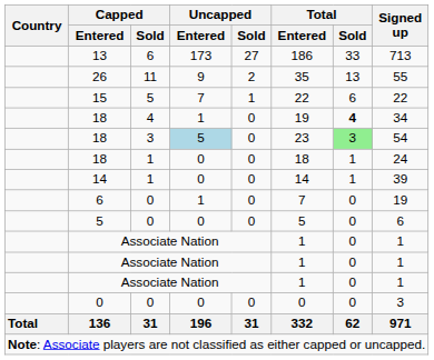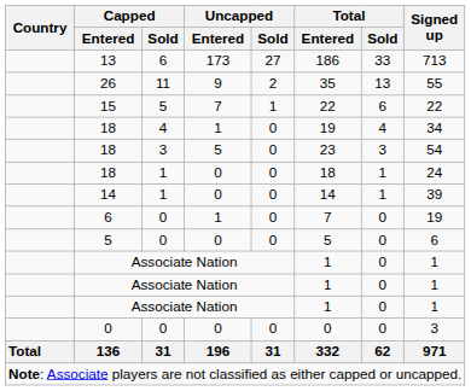 <table class="wikitable" style="text-align:center">
 <tr>
 <th rowspan="2">Country</th>
 <th colspan="2">Capped</th>
 <th colspan="2">Uncapped</th>
 <th colspan="2">Total</th>
 <th rowspan="2">Signed<br>up</th>
 </tr>
 <tr>
 <th>Entered</th>
 <th>Sold</th>
 <th>Entered</th>
 <th>Sold</th>
 <th>Entered</th>
 <th>Sold</th>
 </tr>
 <tr>
 <td style="text-align:left"></td>
 <td>13</td>
 <td>6</td>
 <td>173</td>
 <td>27</td>
 <td>186</td>
 <td>33</td>
 <td>713</td>
 </tr>
 <tr>
 <td style="text-align:left"></td>
 <td>26</td>
 <td>11</td>
 <td>9</td>
 <td>2</td>
 <td>35</td>
 <td>13</td>
 <td>55</td>
 </tr>
 <tr>
 <td style="text-align:left"></td>
 <td>15</td>
 <td>5</td>
 <td>7</td>
 <td>1</td>
 <td>22</td>
 <td>6</td>
 <td>22</td>
 </tr>
 <tr>
 <td style="text-align:left"></td>
 <td>18</td>
 <td>4</td>
 <td>1</td>
 <td>0</td>
 <td>19</td>
-<td><strong>4</strong></td>
+<td>4</td>
 <td>34</td>
 </tr>
 <tr>
 <td style="text-align:left"></td>
 <td>18</td>
 <td>3</td>
-<td style="background: lightblue;">5</td>
+<td>5</td>
 <td>0</td>
 <td>23</td>
-<td style="background: lightgreen;">3</td>
+<td>3</td>
 <td>54</td>
 </tr>
 <tr>
 <td style="text-align:left"></td>
 <td>18</td>
 <td>1</td>
 <td>0</td>
 <td>0</td>
 <td>18</td>
 <td>1</td>
 <td>24</td>
 </tr>
 <tr>
 <td style="text-align:left"></td>
 <td>14</td>
 <td>1</td>
 <td>0</td>
 <td>0</td>
 <td>14</td>
 <td>1</td>
 <td>39</td>
 </tr>
 <tr>
 <td style="text-align:left"></td>
 <td>6</td>
 <td>0</td>
 <td>1</td>
 <td>0</td>
 <td>7</td>
 <td>0</td>
 <td>19</td>
 </tr>
 <tr>
 <td style="text-align:left"></td>
 <td>5</td>
 <td>0</td>
 <td>0</td>
 <td>0</td>
 <td>5</td>
 <td>0</td>
 <td>6</td>
 </tr>
 <tr>
 <td style="text-align:left"></td>
 <td colspan="4">Associate Nation</td>
 <td>1</td>
 <td>0</td>
 <td>1</td>
 </tr>
 <tr>
 <td style="text-align:left"></td>
 <td colspan="4">Associate Nation</td>
 <td>1</td>
 <td>0</td>
 <td>1</td>
 </tr>
 <tr>
 <td style="text-align:left"></td>
 <td colspan="4">Associate Nation</td>
 <td>1</td>
 <td>0</td>
 <td>1</td>
 </tr>
 <tr>
 <td style="text-align:left"></td>
 <td>0</td>
 <td>0</td>
 <td>0</td>
 <td>0</td>
 <td>0</td>
 <td>0</td>
 <td>3</td>
 </tr>
 <tr>
 <th style="text-align:left">Total</th>
 <th>136</th>
 <th>31</th>
 <th>196</th>
 <th>31</th>
 <th>332</th>
 <th>62</th>
 <th>971</th>
 </tr>
 <tr>
 <td colspan="8"><strong>Note</strong>: <a href='#'>Associate</a> players are not classified as either capped or uncapped.</td>
 </tr>
 </table>
